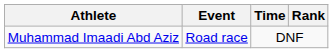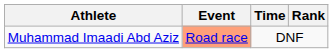 <table class=wikitable style="font-size:90%">
 <tr>
 <th>Athlete</th>
 <th>Event</th>
 <th>Time</th>
 <th>Rank</th>
 </tr>
 <tr>
 <td><a href='#'>Muhammad Imaadi Abd Aziz</a></td>
-<td><a href='#'>Road race</a></td>
+<td style="background: lightsalmon;"><a href='#'>Road race</a></td>
 <td colspan=2 align=center>DNF</td>
 </tr>
 </table>
